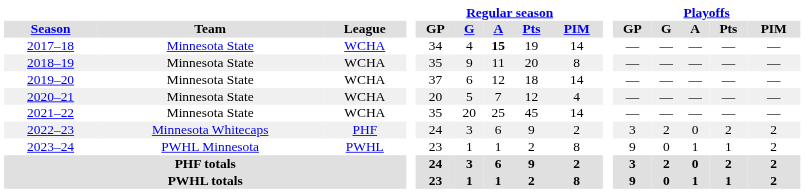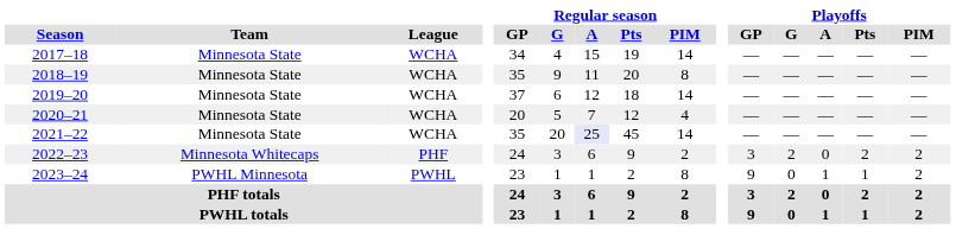 <table border="0" cellpadding="1" cellspacing="0" width="75%" style="text-align:center">
 <tr>
 <th colspan="3" bgcolor="#ffffff"> </th>
 <th rowspan="99" bgcolor="#ffffff"> </th>
 <th colspan="5"><a href='#'>Regular season</a></th>
 <th rowspan="99" bgcolor="#ffffff"> </th>
 <th colspan="5"><a href='#'>Playoffs</a></th>
 </tr>
 <tr bgcolor="#e0e0e0">
 <th><a href='#'>Season</a></th>
 <th>Team</th>
 <th>League</th>
 <th>GP</th>
 <th><a href='#'>G</a></th>
 <th><a href='#'>A</a></th>
 <th><a href='#'>Pts</a></th>
 <th><a href='#'>PIM</a></th>
 <th>GP</th>
 <th>G</th>
 <th>A</th>
 <th>Pts</th>
 <th>PIM</th>
 </tr>
 <tr>
 <td><a href='#'>2017–18</a></td>
 <td><a href='#'>Minnesota State</a></td>
 <td><a href='#'>WCHA</a></td>
 <td>34</td>
 <td>4</td>
-<td><strong>15</strong></td>
+<td>15</td>
 <td>19</td>
 <td>14</td>
 <td>—</td>
 <td>—</td>
 <td>—</td>
 <td>—</td>
 <td>—</td>
 </tr>
 <tr bgcolor="#f0f0f0">
 <td><a href='#'>2018–19</a></td>
 <td>Minnesota State</td>
 <td>WCHA</td>
 <td>35</td>
 <td>9</td>
 <td>11</td>
 <td>20</td>
 <td>8</td>
 <td>—</td>
 <td>—</td>
 <td>—</td>
 <td>—</td>
 <td>—</td>
 </tr>
 <tr>
 <td><a href='#'>2019–20</a></td>
 <td>Minnesota State</td>
 <td>WCHA</td>
 <td>37</td>
 <td>6</td>
 <td>12</td>
 <td>18</td>
 <td>14</td>
 <td>—</td>
 <td>—</td>
 <td>—</td>
 <td>—</td>
 <td>—</td>
 </tr>
 <tr bgcolor="#f0f0f0">
 <td><a href='#'>2020–21</a></td>
 <td>Minnesota State</td>
 <td>WCHA</td>
 <td>20</td>
 <td>5</td>
 <td>7</td>
 <td>12</td>
 <td>4</td>
 <td>—</td>
 <td>—</td>
 <td>—</td>
 <td>—</td>
 <td>—</td>
 </tr>
 <tr>
 <td><a href='#'>2021–22</a></td>
 <td>Minnesota State</td>
 <td>WCHA</td>
 <td>35</td>
 <td>20</td>
-<td>25</td>
+<td style="background: lavender;">25</td>
 <td>45</td>
 <td>14</td>
 <td>—</td>
 <td>—</td>
 <td>—</td>
 <td>—</td>
 <td>—</td>
 </tr>
 <tr bgcolor="#f0f0f0">
 <td><a href='#'>2022–23</a></td>
 <td><a href='#'>Minnesota Whitecaps</a></td>
 <td><a href='#'>PHF</a></td>
 <td>24</td>
 <td>3</td>
 <td>6</td>
 <td>9</td>
 <td>2</td>
 <td>3</td>
 <td>2</td>
 <td>0</td>
 <td>2</td>
 <td>2</td>
 </tr>
 <tr>
 <td><a href='#'>2023–24</a></td>
 <td><a href='#'>PWHL Minnesota</a></td>
 <td><a href='#'>PWHL</a></td>
 <td>23</td>
 <td>1</td>
 <td>1</td>
 <td>2</td>
 <td>8</td>
 <td>9</td>
 <td>0</td>
 <td>1</td>
 <td>1</td>
 <td>2</td>
 </tr>
 <tr bgcolor="#e0e0e0">
 <th colspan="3">PHF totals</th>
 <th>24</th>
 <th>3</th>
 <th>6</th>
 <th>9</th>
 <th>2</th>
 <th>3</th>
 <th>2</th>
 <th>0</th>
 <th>2</th>
 <th>2</th>
 </tr>
 <tr bgcolor="#e0e0e0">
 <th colspan="3">PWHL totals</th>
 <th>23</th>
 <th>1</th>
 <th>1</th>
 <th>2</th>
 <th>8</th>
 <th>9</th>
 <th>0</th>
 <th>1</th>
 <th>1</th>
 <th>2</th>
 </tr>
 </table>
